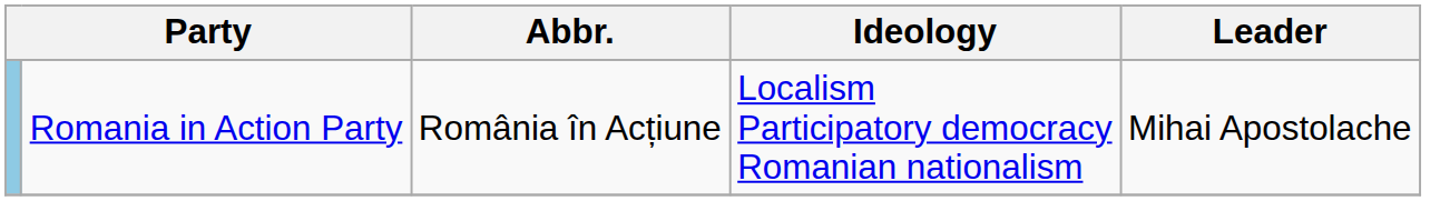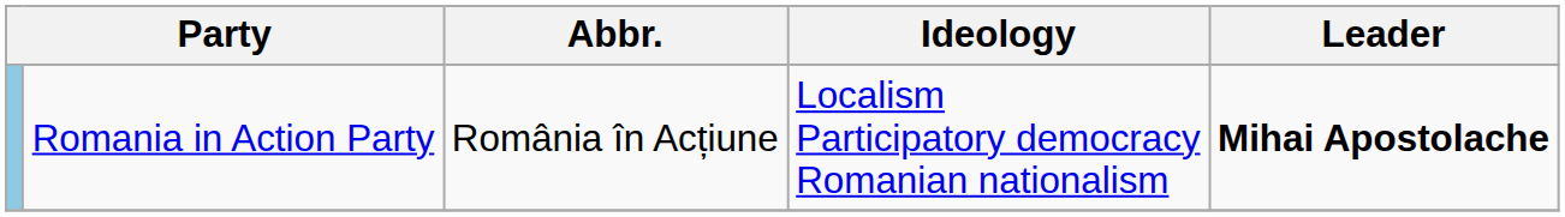 <table class="wikitable" style="text-align:left">
 <tr>
 <th colspan="2">Party</th>
 <th>Abbr.</th>
 <th>Ideology</th>
 <th>Leader</th>
 </tr>
 <tr>
 <td style="background:#8ECAE4;"></td>
 <td><a href='#'>Romania in Action Party</a></td>
 <td>România în Acțiune</td>
 <td><a href='#'>Localism</a><br><a href='#'>Participatory democracy</a><br><a href='#'>Romanian nationalism</a></td>
-<td>Mihai Apostolache</td>
+<td><strong>Mihai Apostolache</strong></td>
 </tr>
 <tr>
 </tr>
 </table>
